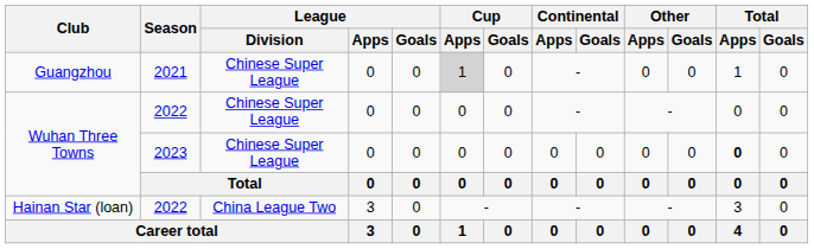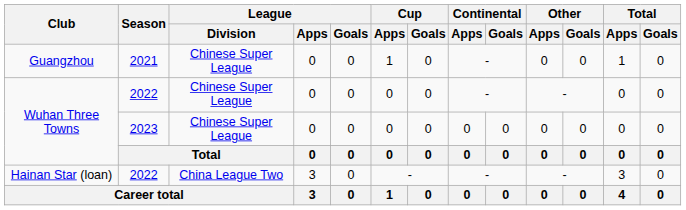 <table class="wikitable" style="text-align: center">
 <tr>
 <th rowspan="2">Club</th>
 <th rowspan="2">Season</th>
 <th colspan="3">League</th>
 <th colspan="2">Cup</th>
 <th colspan="2">Continental</th>
 <th colspan="2">Other</th>
 <th colspan="2">Total</th>
 </tr>
 <tr>
 <th>Division</th>
 <th>Apps</th>
 <th>Goals</th>
 <th>Apps</th>
 <th>Goals</th>
 <th>Apps</th>
 <th>Goals</th>
 <th>Apps</th>
 <th>Goals</th>
 <th>Apps</th>
 <th>Goals</th>
 </tr>
 <tr>
 <td><a href='#'>Guangzhou</a></td>
 <td><a href='#'>2021</a></td>
 <td><a href='#'>Chinese Super League</a></td>
 <td>0</td>
 <td>0</td>
-<td style="background: lightgrey;">1</td>
+<td>1</td>
 <td>0</td>
 <td colspan="2">-</td>
 <td>0</td>
 <td>0</td>
 <td>1</td>
 <td>0</td>
 </tr>
 <tr>
 <td rowspan=3><a href='#'>Wuhan Three Towns</a></td>
 <td><a href='#'>2022</a></td>
 <td><a href='#'>Chinese Super League</a></td>
 <td>0</td>
 <td>0</td>
 <td>0</td>
 <td>0</td>
 <td colspan="2">-</td>
 <td colspan="2">-</td>
 <td>0</td>
 <td>0</td>
 </tr>
 <tr>
 <td><a href='#'>2023</a></td>
 <td><a href='#'>Chinese Super League</a></td>
 <td>0</td>
 <td>0</td>
 <td>0</td>
 <td>0</td>
 <td>0</td>
 <td>0</td>
 <td>0</td>
 <td>0</td>
-<td><strong>0</strong></td>
+<td>0</td>
 <td>0</td>
 </tr>
 <tr>
 <th colspan=2>Total</th>
 <th>0</th>
 <th>0</th>
 <th>0</th>
 <th>0</th>
 <th>0</th>
 <th>0</th>
 <th>0</th>
 <th>0</th>
 <th>0</th>
 <th>0</th>
 </tr>
 <tr>
 <td><a href='#'>Hainan Star</a> (loan)</td>
 <td><a href='#'>2022</a></td>
 <td><a href='#'>China League Two</a></td>
 <td>3</td>
 <td>0</td>
 <td colspan="2">-</td>
 <td colspan="2">-</td>
 <td colspan="2">-</td>
 <td>3</td>
 <td>0</td>
 </tr>
 <tr>
 <th colspan=3>Career total</th>
 <th>3</th>
 <th>0</th>
 <th>1</th>
 <th>0</th>
 <th>0</th>
 <th>0</th>
 <th>0</th>
 <th>0</th>
 <th>4</th>
 <th>0</th>
 </tr>
 </table>
